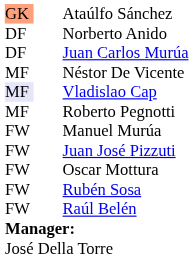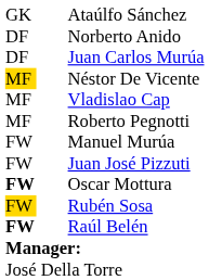 <table cellspacing="0" cellpadding="0" style="font-size:90%; margin:0.2em auto;">
 <tr>
 <th width="25"></th>
 <th width="25"></th>
 </tr>
 <tr>
-<td style="background: lightsalmon;">GK</td>
+<td>GK</td>
 <td></td>
 <td> Ataúlfo Sánchez</td>
 </tr>
 <tr>
 <td>DF</td>
 <td></td>
 <td> Norberto Anido</td>
 </tr>
 <tr>
 <td>DF</td>
 <td></td>
 <td> <a href='#'>Juan Carlos Murúa</a></td>
 </tr>
 <tr>
-<td>MF</td>
+<td style="background: gold;">MF</td>
 <td></td>
 <td> Néstor De Vicente</td>
 </tr>
 <tr>
-<td style="background: lavender;">MF</td>
+<td>MF</td>
 <td></td>
 <td> <a href='#'>Vladislao Cap</a></td>
 </tr>
 <tr>
 <td>MF</td>
 <td></td>
 <td> Roberto Pegnotti</td>
 </tr>
 <tr>
 <td>FW</td>
 <td></td>
 <td> Manuel Murúa</td>
 </tr>
 <tr>
 <td>FW</td>
 <td></td>
 <td> <a href='#'>Juan José Pizzuti</a></td>
 </tr>
 <tr>
-<td>FW</td>
+<td><strong>FW</strong></td>
 <td></td>
 <td> Oscar Mottura</td>
 </tr>
 <tr>
-<td>FW</td>
+<td style="background: gold;">FW</td>
 <td></td>
 <td> <a href='#'>Rubén Sosa</a></td>
 </tr>
 <tr>
-<td>FW</td>
+<td><strong>FW</strong></td>
 <td></td>
 <td> <a href='#'>Raúl Belén</a></td>
 </tr>
 <tr>
 <td colspan=4><strong>Manager:</strong></td>
 </tr>
 <tr>
 <td colspan="4"> José Della Torre</td>
 </tr>
 </table>
